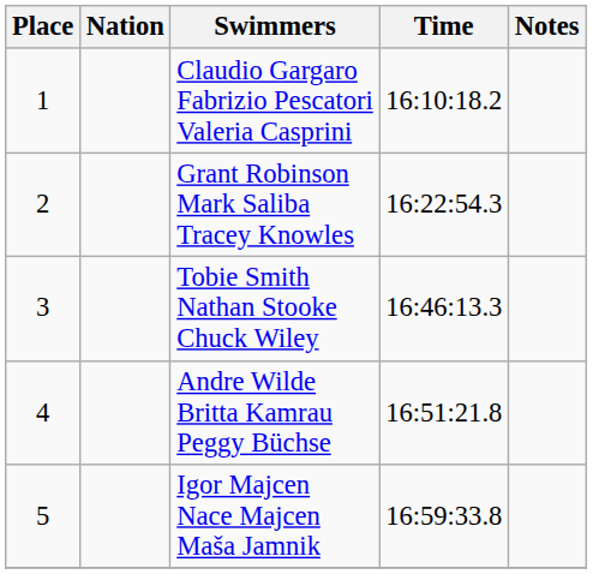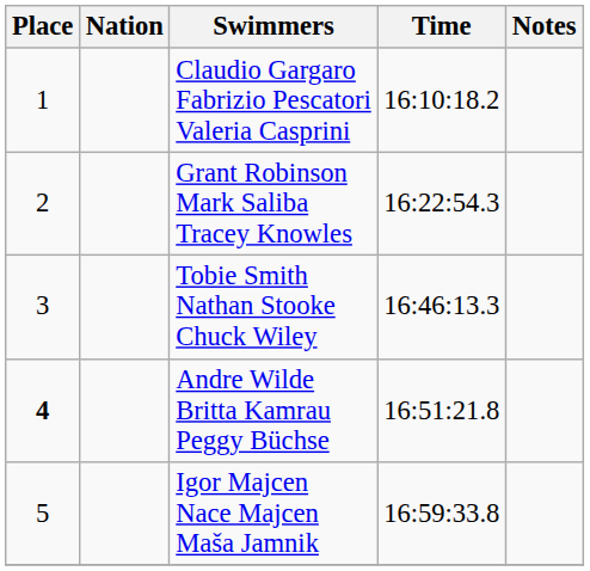 <table class="wikitable sortable" style="text-align:center">
 <tr>
 <th>Place</th>
 <th>Nation</th>
 <th>Swimmers</th>
 <th>Time</th>
 <th>Notes</th>
 </tr>
 <tr>
 <td>1</td>
 <td align=left></td>
 <td align=left><a href='#'>Claudio Gargaro</a><br><a href='#'>Fabrizio Pescatori</a><br><a href='#'>Valeria Casprini</a></td>
 <td>16:10:18.2</td>
 <td></td>
 </tr>
 <tr>
 <td>2</td>
 <td align=left></td>
 <td align=left><a href='#'>Grant Robinson</a><br><a href='#'>Mark Saliba</a><br><a href='#'>Tracey Knowles</a></td>
 <td>16:22:54.3</td>
 <td></td>
 </tr>
 <tr>
 <td>3</td>
 <td align=left></td>
 <td align=left><a href='#'>Tobie Smith</a><br><a href='#'>Nathan Stooke</a><br><a href='#'>Chuck Wiley</a></td>
 <td>16:46:13.3</td>
 <td></td>
 </tr>
 <tr>
-<td>4</td>
+<td><strong>4</strong></td>
 <td align=left></td>
 <td align=left><a href='#'>Andre Wilde</a><br><a href='#'>Britta Kamrau</a><br><a href='#'>Peggy Büchse</a></td>
 <td>16:51:21.8</td>
 <td></td>
 </tr>
 <tr>
 <td>5</td>
 <td align=left></td>
 <td align=left><a href='#'>Igor Majcen</a><br><a href='#'>Nace Majcen</a><br><a href='#'>Maša Jamnik</a></td>
 <td>16:59:33.8</td>
 <td></td>
 </tr>
 <tr>
 </tr>
 </table>
